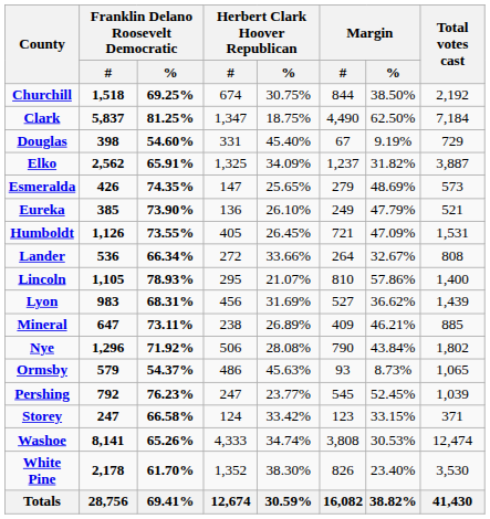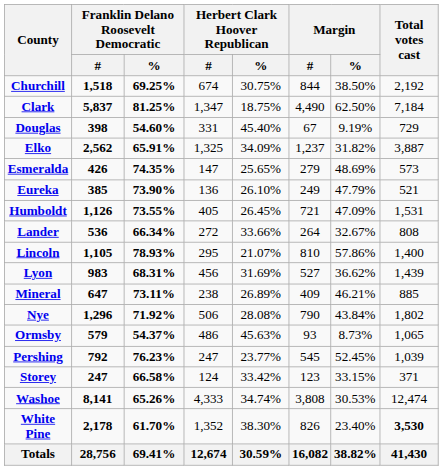 <table width="60%"  class="wikitable sortable" style="text-align:center">
 <tr>
 <th rowspan="2" style="text-align:center;">County</th>
 <th colspan="2" style="text-align:center;">Franklin Delano Roosevelt<br>Democratic</th>
 <th colspan="2" style="text-align:center;">Herbert Clark Hoover<br>Republican</th>
 <th style="text-align:center;" colspan="2">Margin</th>
 <th rowspan="2" style="text-align:center;">Total votes cast</th>
 </tr>
 <tr>
 <th style="text-align:center;" data-sort-type="number">#</th>
 <th style="text-align:center;" data-sort-type="number">%</th>
 <th style="text-align:center;" data-sort-type="number">#</th>
 <th style="text-align:center;" data-sort-type="number">%</th>
 <th style="text-align:center;" data-sort-type="number">#</th>
 <th style="text-align:center;" data-sort-type="number">%</th>
 </tr>
 <tr style="text-align:center;">
 <td><strong><a href='#'>Churchill</a></strong></td>
 <td><strong>1,518</strong></td>
 <td><strong>69.25%</strong></td>
 <td>674</td>
 <td>30.75%</td>
 <td>844</td>
 <td>38.50%</td>
 <td>2,192</td>
 </tr>
 <tr style="text-align:center;">
 <td><strong><a href='#'>Clark</a></strong></td>
 <td><strong>5,837</strong></td>
 <td><strong>81.25%</strong></td>
 <td>1,347</td>
 <td>18.75%</td>
 <td>4,490</td>
 <td>62.50%</td>
 <td>7,184</td>
 </tr>
 <tr style="text-align:center;">
 <td><strong><a href='#'>Douglas</a></strong></td>
 <td><strong>398</strong></td>
 <td><strong>54.60%</strong></td>
 <td>331</td>
 <td>45.40%</td>
 <td>67</td>
 <td>9.19%</td>
 <td>729</td>
 </tr>
 <tr style="text-align:center;">
 <td><strong><a href='#'>Elko</a></strong></td>
 <td><strong>2,562</strong></td>
 <td><strong>65.91%</strong></td>
 <td>1,325</td>
 <td>34.09%</td>
 <td>1,237</td>
 <td>31.82%</td>
 <td>3,887</td>
 </tr>
 <tr style="text-align:center;">
 <td><strong><a href='#'>Esmeralda</a></strong></td>
 <td><strong>426</strong></td>
 <td><strong>74.35%</strong></td>
 <td>147</td>
 <td>25.65%</td>
 <td>279</td>
 <td>48.69%</td>
 <td>573</td>
 </tr>
 <tr style="text-align:center;">
 <td><strong><a href='#'>Eureka</a></strong></td>
 <td><strong>385</strong></td>
 <td><strong>73.90%</strong></td>
 <td>136</td>
 <td>26.10%</td>
 <td>249</td>
 <td>47.79%</td>
 <td>521</td>
 </tr>
 <tr style="text-align:center;">
 <td><strong><a href='#'>Humboldt</a></strong></td>
 <td><strong>1,126</strong></td>
 <td><strong>73.55%</strong></td>
 <td>405</td>
 <td>26.45%</td>
 <td>721</td>
 <td>47.09%</td>
 <td>1,531</td>
 </tr>
 <tr style="text-align:center;">
 <td><strong><a href='#'>Lander</a></strong></td>
 <td><strong>536</strong></td>
 <td><strong>66.34%</strong></td>
 <td>272</td>
 <td>33.66%</td>
 <td>264</td>
 <td>32.67%</td>
 <td>808</td>
 </tr>
 <tr style="text-align:center;">
 <td><strong><a href='#'>Lincoln</a></strong></td>
 <td><strong>1,105</strong></td>
 <td><strong>78.93%</strong></td>
 <td>295</td>
 <td>21.07%</td>
 <td>810</td>
 <td>57.86%</td>
 <td>1,400</td>
 </tr>
 <tr style="text-align:center;">
 <td><strong><a href='#'>Lyon</a></strong></td>
 <td><strong>983</strong></td>
 <td><strong>68.31%</strong></td>
 <td>456</td>
 <td>31.69%</td>
 <td>527</td>
 <td>36.62%</td>
 <td>1,439</td>
 </tr>
 <tr style="text-align:center;">
 <td><strong><a href='#'>Mineral</a></strong></td>
 <td><strong>647</strong></td>
 <td><strong>73.11%</strong></td>
 <td>238</td>
 <td>26.89%</td>
 <td>409</td>
 <td>46.21%</td>
 <td>885</td>
 </tr>
 <tr style="text-align:center;">
 <td><strong><a href='#'>Nye</a></strong></td>
 <td><strong>1,296</strong></td>
 <td><strong>71.92%</strong></td>
 <td>506</td>
 <td>28.08%</td>
 <td>790</td>
 <td>43.84%</td>
 <td>1,802</td>
 </tr>
 <tr style="text-align:center;">
 <td><strong><a href='#'>Ormsby</a></strong></td>
 <td><strong>579</strong></td>
 <td><strong>54.37%</strong></td>
 <td>486</td>
 <td>45.63%</td>
 <td>93</td>
 <td>8.73%</td>
 <td>1,065</td>
 </tr>
 <tr style="text-align:center;">
 <td><strong><a href='#'>Pershing</a></strong></td>
 <td><strong>792</strong></td>
 <td><strong>76.23%</strong></td>
 <td>247</td>
 <td>23.77%</td>
 <td>545</td>
 <td>52.45%</td>
 <td>1,039</td>
 </tr>
 <tr style="text-align:center;">
 <td><strong><a href='#'>Storey</a></strong></td>
 <td><strong>247</strong></td>
 <td><strong>66.58%</strong></td>
 <td>124</td>
 <td>33.42%</td>
 <td>123</td>
 <td>33.15%</td>
 <td>371</td>
 </tr>
 <tr style="text-align:center;">
 <td><strong><a href='#'>Washoe</a></strong></td>
 <td><strong>8,141</strong></td>
 <td><strong>65.26%</strong></td>
 <td>4,333</td>
 <td>34.74%</td>
 <td>3,808</td>
 <td>30.53%</td>
 <td>12,474</td>
 </tr>
 <tr style="text-align:center;">
 <td><strong><a href='#'>White Pine</a></strong></td>
 <td><strong>2,178</strong></td>
 <td><strong>61.70%</strong></td>
 <td>1,352</td>
 <td>38.30%</td>
 <td>826</td>
 <td>23.40%</td>
-<td>3,530</td>
+<td><strong>3,530</strong></td>
 </tr>
 <tr style="text-align:center;">
 <th>Totals</th>
 <th>28,756</th>
 <th>69.41%</th>
 <th>12,674</th>
 <th>30.59%</th>
 <th>16,082</th>
 <th>38.82%</th>
 <th>41,430</th>
 </tr>
 </table>
